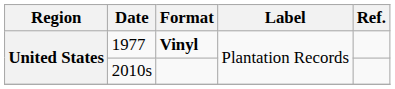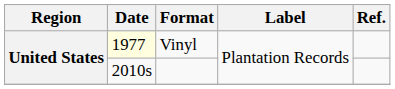 <table class="wikitable plainrowheaders">
 <tr>
 <th scope="col">Region</th>
 <th scope="col">Date</th>
 <th scope="col">Format</th>
 <th scope="col">Label</th>
 <th scope="col">Ref.</th>
 </tr>
 <tr>
 <th scope="row" rowspan="2">United States</th>
-<td>1977</td>
-<td><strong>Vinyl</strong></td>
+<td style="background: lightyellow;">1977</td>
+<td>Vinyl</td>
 <td rowspan="2">Plantation Records</td>
 <td></td>
 </tr>
 <tr>
 <td>2010s</td>
 <td></td>
 <td></td>
 </tr>
 <tr>
 </tr>
 </table>
